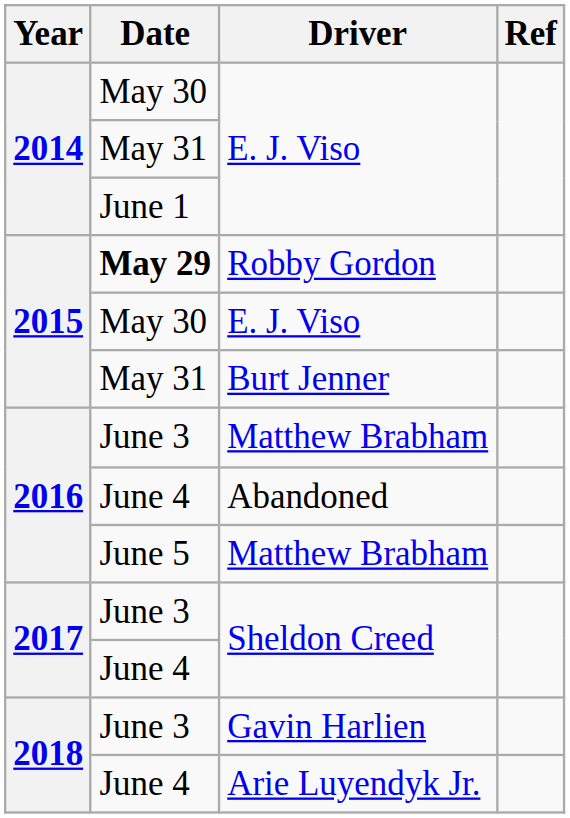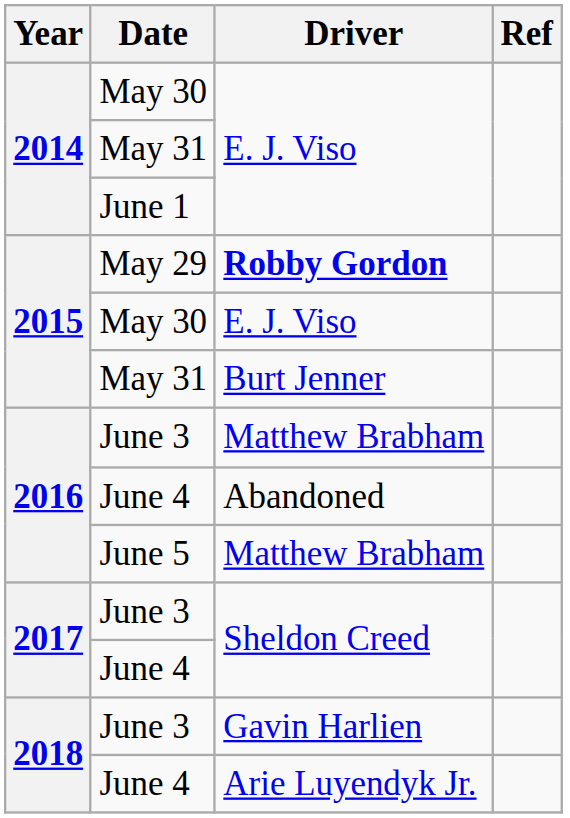 <table class="wikitable" style="font-size: 95%;">
 <tr>
 <th>Year</th>
 <th>Date</th>
 <th>Driver</th>
 <th>Ref</th>
 </tr>
 <tr>
 <th rowspan=3><a href='#'>2014</a></th>
 <td>May 30</td>
 <td rowspan=3><a href='#'>E. J. Viso</a></td>
 <td rowspan=3></td>
 </tr>
 <tr>
 <td>May 31</td>
 </tr>
 <tr>
 <td>June 1</td>
 </tr>
 <tr>
 <th rowspan=3><a href='#'>2015</a></th>
-<td><strong>May 29</strong></td>
-<td><a href='#'>Robby Gordon</a></td>
+<td>May 29</td>
+<td><strong><a href='#'>Robby Gordon</a></strong></td>
 <td></td>
 </tr>
 <tr>
 <td>May 30</td>
 <td><a href='#'>E. J. Viso</a></td>
 <td></td>
 </tr>
 <tr>
 <td>May 31</td>
 <td><a href='#'>Burt Jenner</a></td>
 <td></td>
 </tr>
 <tr>
 <th rowspan=3><a href='#'>2016</a></th>
 <td>June 3</td>
 <td><a href='#'>Matthew Brabham</a></td>
 <td></td>
 </tr>
 <tr>
 <td>June 4</td>
 <td>Abandoned </td>
 <td></td>
 </tr>
 <tr>
 <td>June 5</td>
 <td><a href='#'>Matthew Brabham</a></td>
 <td></td>
 </tr>
 <tr>
 <th rowspan=2><a href='#'>2017</a></th>
 <td>June 3</td>
 <td rowspan=2><a href='#'>Sheldon Creed</a></td>
 <td rowspan=2></td>
 </tr>
 <tr>
 <td>June 4</td>
 </tr>
 <tr>
 <th rowspan=2><a href='#'>2018</a></th>
 <td>June 3</td>
 <td><a href='#'>Gavin Harlien</a></td>
 <td></td>
 </tr>
 <tr>
 <td>June 4</td>
 <td><a href='#'>Arie Luyendyk Jr.</a></td>
 <td></td>
 </tr>
 </table>
